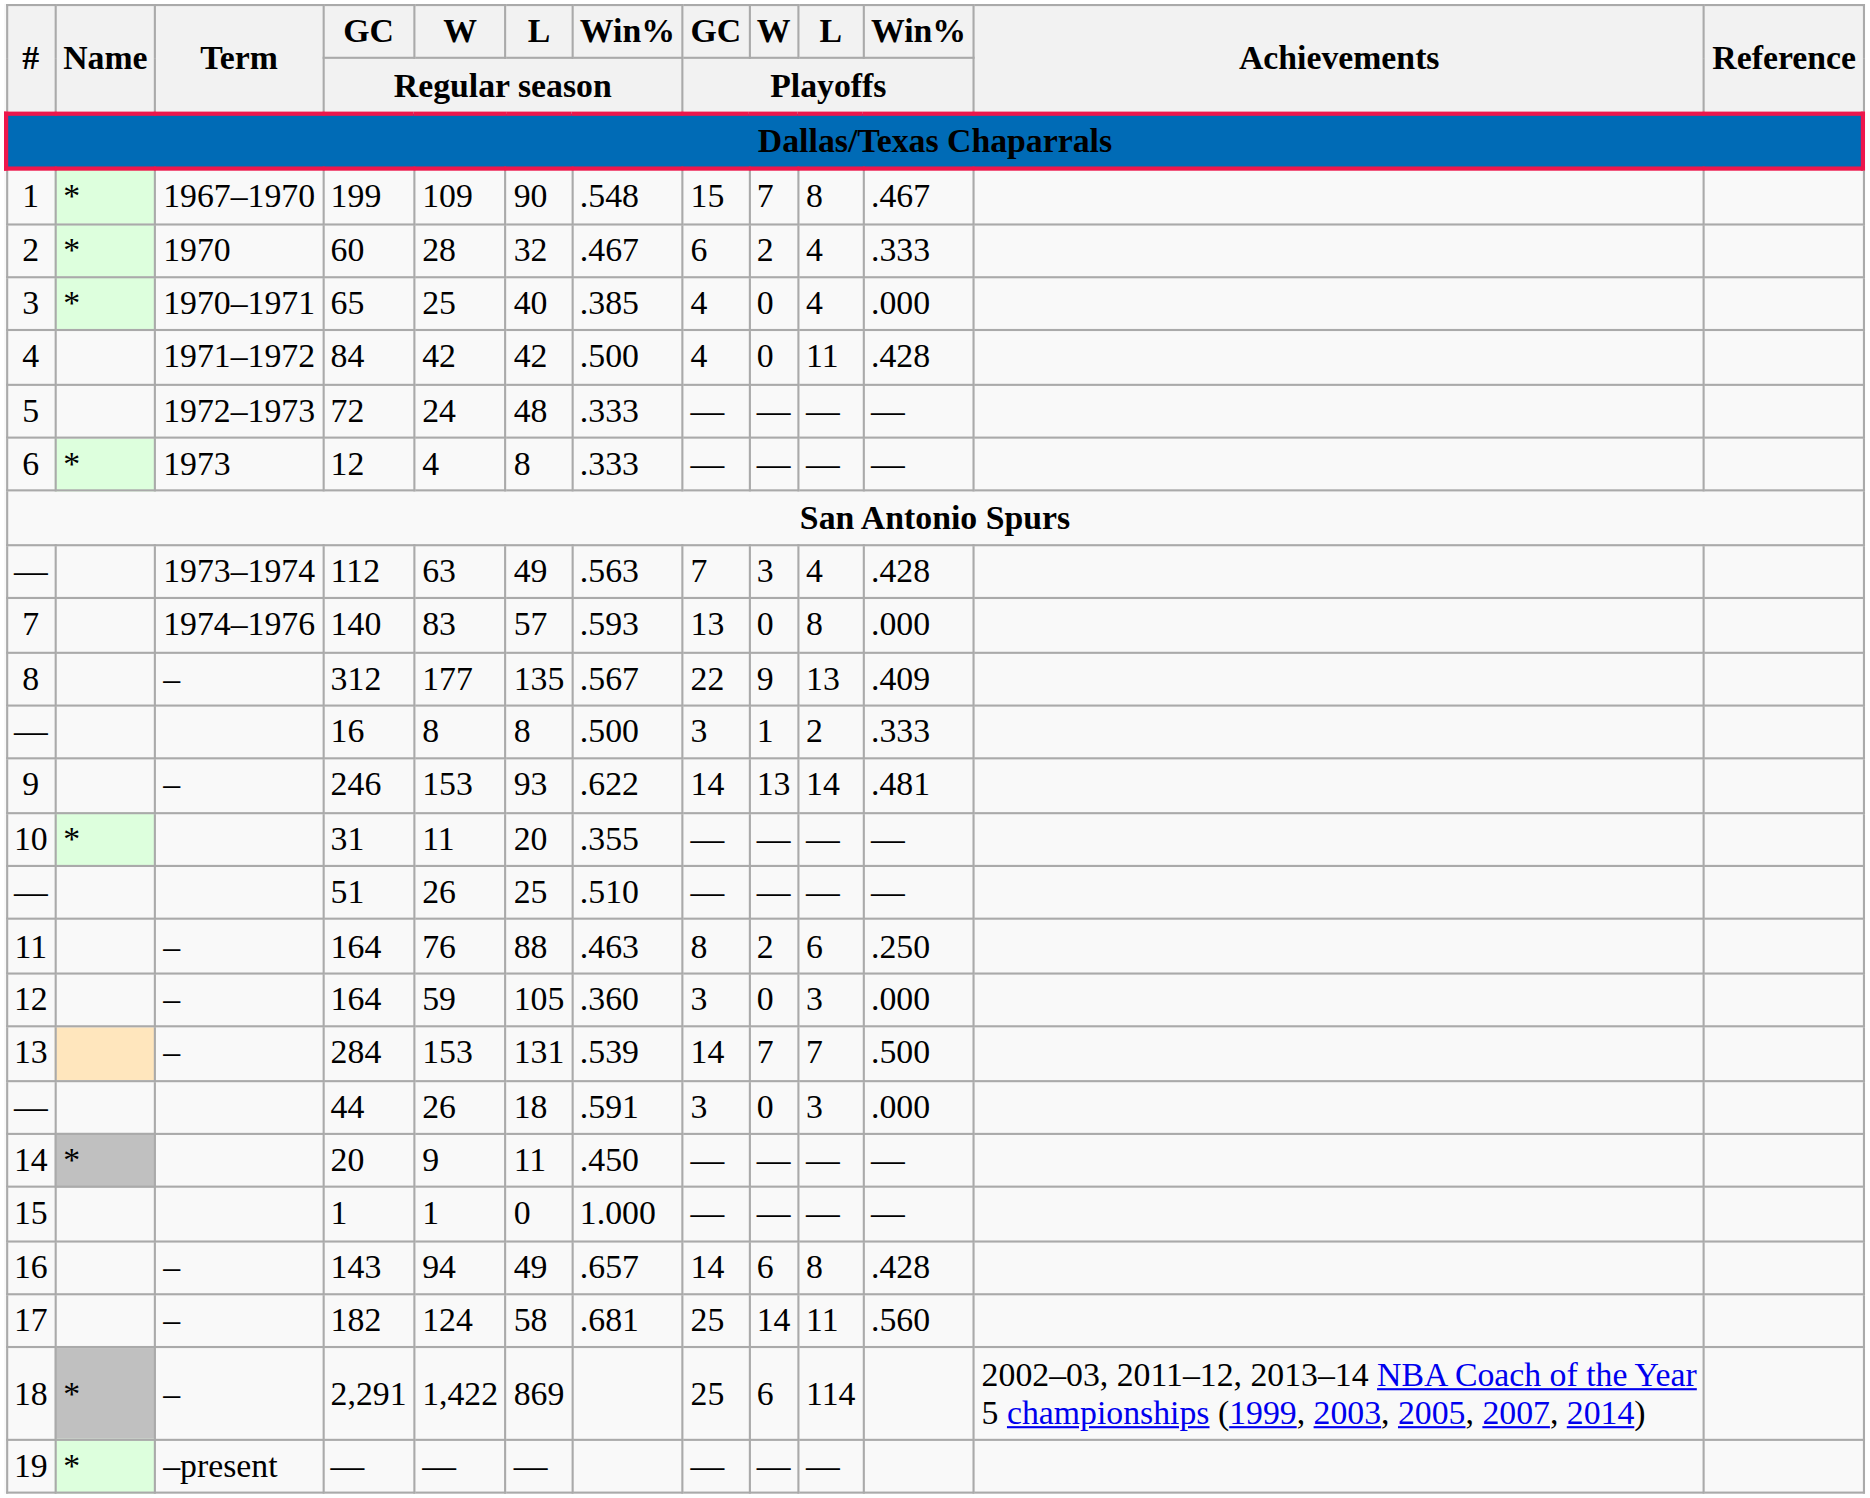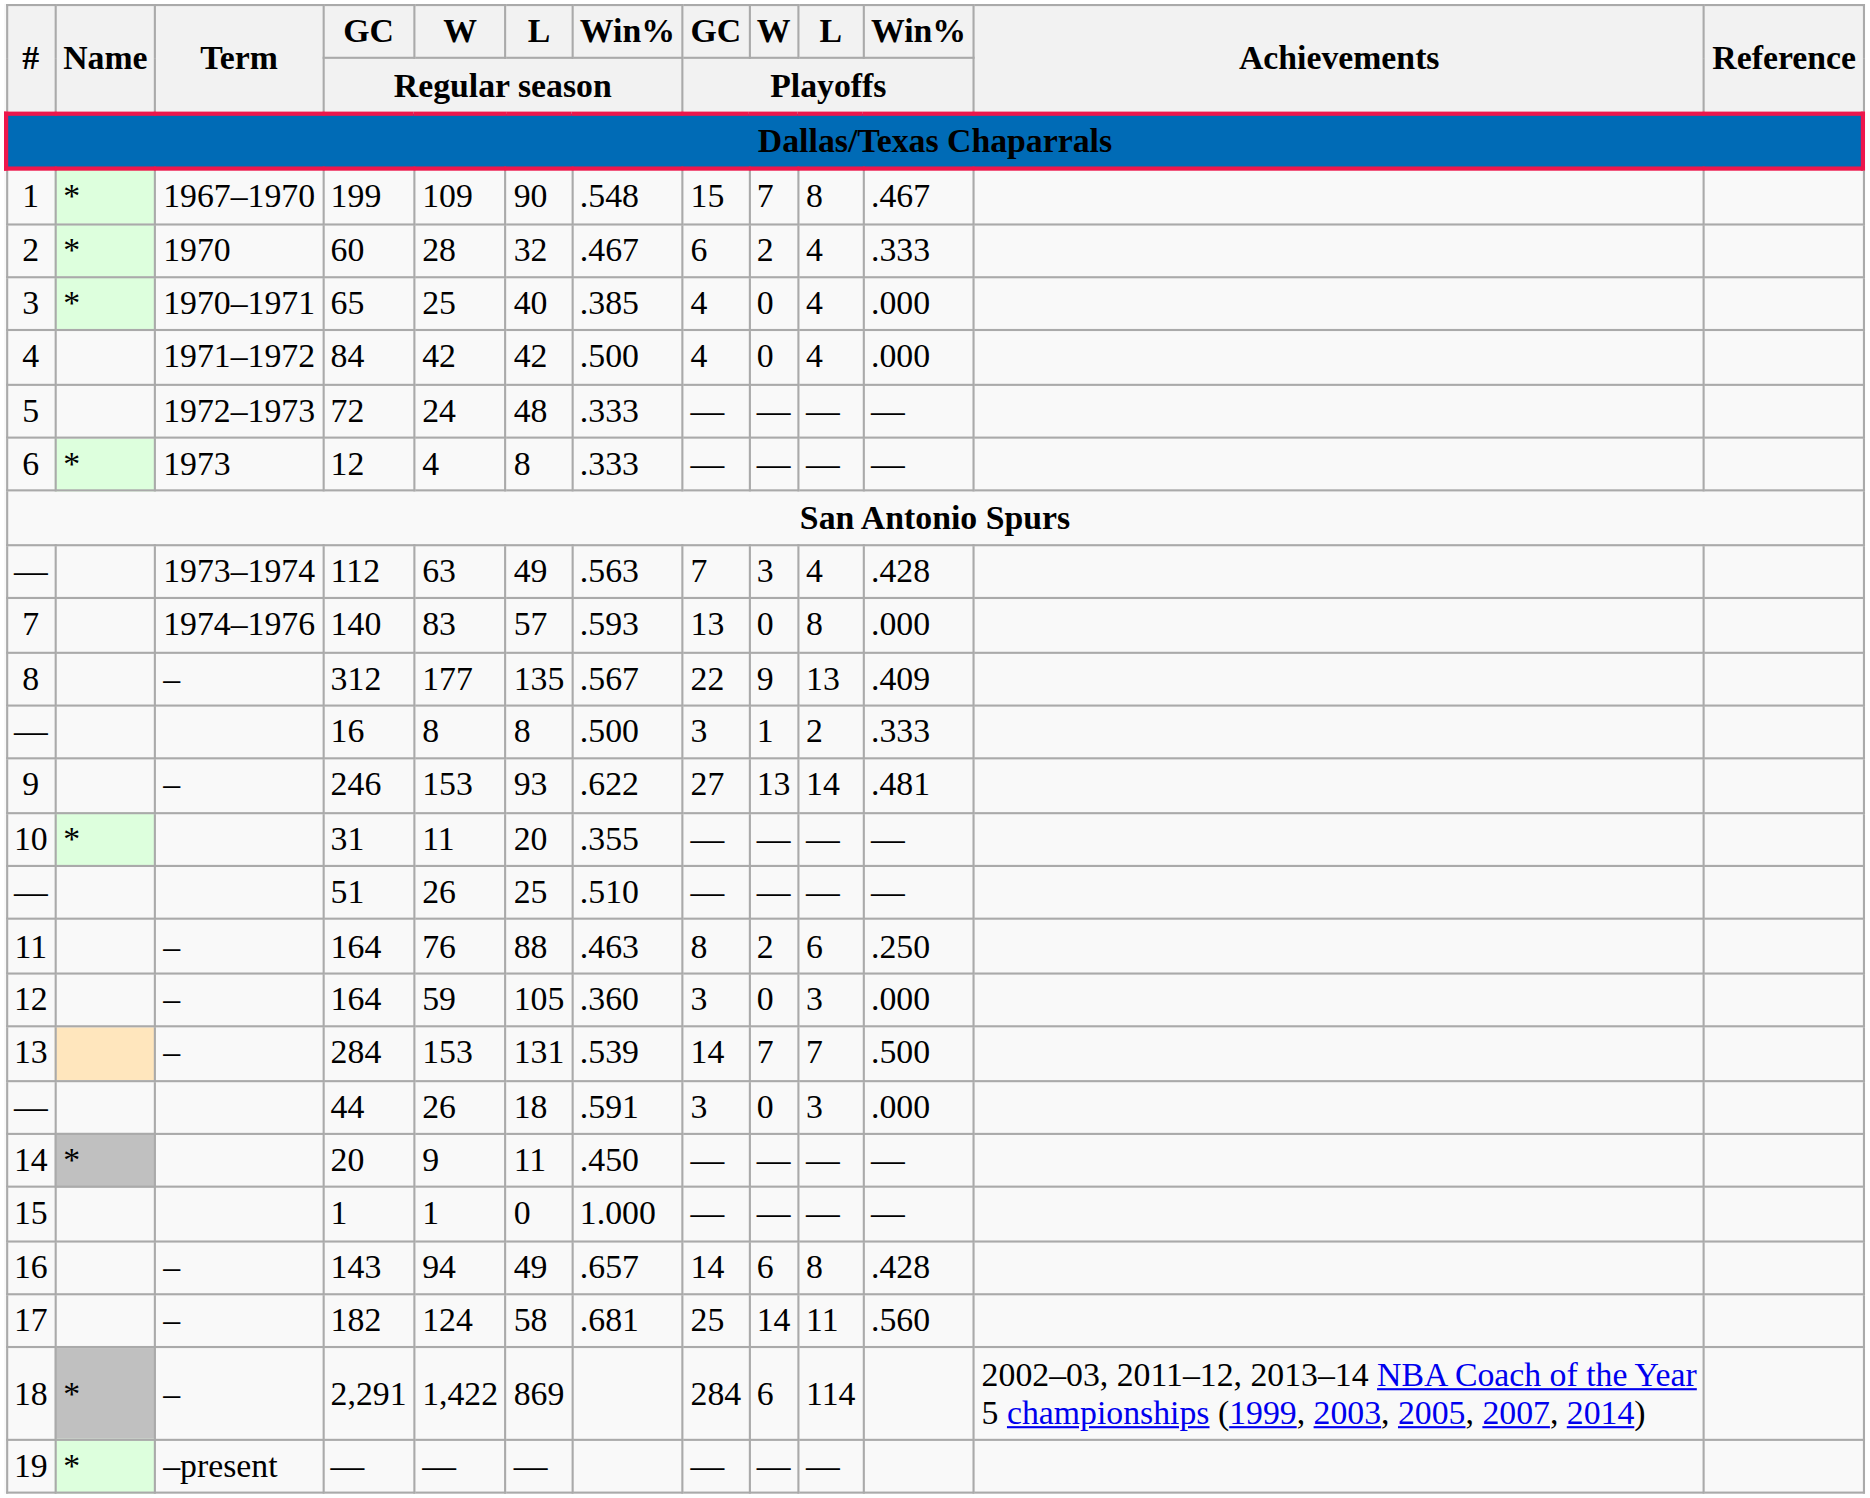 <table class="wikitable sortable">
 <tr>
 <th rowspan="2">#</th>
 <th rowspan="2">Name</th>
 <th rowspan="2">Term</th>
 <th>GC</th>
 <th>W</th>
 <th>L</th>
 <th>Win%</th>
 <th>GC</th>
 <th>W</th>
 <th>L</th>
 <th>Win%</th>
 <th rowspan="2" class=unsortable>Achievements</th>
 <th rowspan="2" class=unsortable>Reference</th>
 </tr>
 <tr class="unsortable">
 <th colspan="4">Regular season</th>
 <th colspan="4">Playoffs</th>
 </tr>
 <tr>
 <td colspan="16" align="center" style="border:2px solid #ED174C; background-color:#006BB6;"><span><strong>Dallas/Texas Chaparrals</strong></span></td>
 </tr>
 <tr>
 <td align=center>1</td>
 <td bgcolor="#ddffdd">*</td>
 <td>1967–1970</td>
 <td>199</td>
 <td>109</td>
 <td>90</td>
 <td>.548</td>
 <td>15</td>
 <td>7</td>
 <td>8</td>
 <td>.467</td>
 <td></td>
 <td align=center></td>
 </tr>
 <tr>
 <td align=center>2</td>
 <td bgcolor="#ddffdd">*</td>
 <td>1970</td>
 <td>60</td>
 <td>28</td>
 <td>32</td>
 <td>.467</td>
 <td>6</td>
 <td>2</td>
 <td>4</td>
 <td>.333</td>
 <td></td>
 <td align=center></td>
 </tr>
 <tr>
 <td align=center>3</td>
 <td bgcolor="#ddffdd">*</td>
 <td>1970–1971</td>
 <td>65</td>
 <td>25</td>
 <td>40</td>
 <td>.385</td>
 <td>4</td>
 <td>0</td>
 <td>4</td>
 <td>.000</td>
 <td></td>
 <td align=center></td>
 </tr>
 <tr>
 <td align=center>4</td>
 <td></td>
 <td>1971–1972</td>
 <td>84</td>
 <td>42</td>
 <td>42</td>
 <td>.500</td>
 <td>4</td>
 <td>0</td>
-<td>11</td>
-<td>.428</td>
+<td>4</td>
+<td>.000</td>
 <td></td>
 <td align=center></td>
 </tr>
 <tr>
 <td align=center>5</td>
 <td></td>
 <td>1972–1973</td>
 <td>72</td>
 <td>24</td>
 <td>48</td>
 <td>.333</td>
 <td>—</td>
 <td>—</td>
 <td>—</td>
 <td>—</td>
 <td></td>
 <td align=center></td>
 </tr>
 <tr>
 <td align=center>6</td>
 <td bgcolor="#ddffdd">*</td>
 <td>1973</td>
 <td>12</td>
 <td>4</td>
 <td>8</td>
 <td>.333</td>
 <td>—</td>
 <td>—</td>
 <td>—</td>
 <td>—</td>
 <td></td>
 <td align=center></td>
 </tr>
 <tr>
 <td colspan="16" align="center"><strong>San Antonio Spurs</strong></td>
 </tr>
 <tr>
 <td align=center>—</td>
 <td></td>
 <td>1973–1974</td>
 <td>112</td>
 <td>63</td>
 <td>49</td>
 <td>.563</td>
 <td>7</td>
 <td>3</td>
 <td>4</td>
 <td>.428</td>
 <td></td>
 <td align=center></td>
 </tr>
 <tr>
 <td align=center>7</td>
 <td></td>
 <td>1974–1976</td>
 <td>140</td>
 <td>83</td>
 <td>57</td>
 <td>.593</td>
 <td>13</td>
 <td>0</td>
 <td>8</td>
 <td>.000</td>
 <td></td>
 <td align=center></td>
 </tr>
 <tr>
 <td align=center>8</td>
 <td></td>
 <td>–</td>
 <td>312</td>
 <td>177</td>
 <td>135</td>
 <td>.567</td>
 <td>22</td>
 <td>9</td>
 <td>13</td>
 <td>.409</td>
 <td></td>
 <td align=center></td>
 </tr>
 <tr>
 <td align=center>—</td>
 <td></td>
 <td></td>
 <td>16</td>
 <td>8</td>
 <td>8</td>
 <td>.500</td>
 <td>3</td>
 <td>1</td>
 <td>2</td>
 <td>.333</td>
 <td></td>
 <td align=center></td>
 </tr>
 <tr>
 <td align=center>9</td>
 <td></td>
 <td>–</td>
 <td>246</td>
 <td>153</td>
 <td>93</td>
 <td>.622</td>
-<td>14</td>
+<td>27</td>
 <td>13</td>
 <td>14</td>
 <td>.481</td>
 <td></td>
 <td align=center></td>
 </tr>
 <tr>
 <td align=center>10</td>
 <td bgcolor="#ddffdd">*</td>
 <td></td>
 <td>31</td>
 <td>11</td>
 <td>20</td>
 <td>.355</td>
 <td>—</td>
 <td>—</td>
 <td>—</td>
 <td>—</td>
 <td></td>
 <td align=center></td>
 </tr>
 <tr>
 <td align=center>—</td>
 <td></td>
 <td></td>
 <td>51</td>
 <td>26</td>
 <td>25</td>
 <td>.510</td>
 <td>—</td>
 <td>—</td>
 <td>—</td>
 <td>—</td>
 <td></td>
 <td align=center></td>
 </tr>
 <tr>
 <td align=center>11</td>
 <td></td>
 <td>–</td>
 <td>164</td>
 <td>76</td>
 <td>88</td>
 <td>.463</td>
 <td>8</td>
 <td>2</td>
 <td>6</td>
 <td>.250</td>
 <td></td>
 <td align=center></td>
 </tr>
 <tr>
 <td align=center>12</td>
 <td></td>
 <td>–</td>
 <td>164</td>
 <td>59</td>
 <td>105</td>
 <td>.360</td>
 <td>3</td>
 <td>0</td>
 <td>3</td>
 <td>.000</td>
 <td></td>
 <td align=center></td>
 </tr>
 <tr>
 <td align=center>13</td>
 <td bgcolor="#FFE6BD"></td>
 <td>–</td>
 <td>284</td>
 <td>153</td>
 <td>131</td>
 <td>.539</td>
 <td>14</td>
 <td>7</td>
 <td>7</td>
 <td>.500</td>
 <td></td>
 <td align=center></td>
 </tr>
 <tr>
 <td align=center>—</td>
 <td></td>
 <td></td>
 <td>44</td>
 <td>26</td>
 <td>18</td>
 <td>.591</td>
 <td>3</td>
 <td>0</td>
 <td>3</td>
 <td>.000</td>
 <td></td>
 <td align=center></td>
 </tr>
 <tr>
 <td align=center>14</td>
 <td bgcolor="silver">*</td>
 <td></td>
 <td>20</td>
 <td>9</td>
 <td>11</td>
 <td>.450</td>
 <td>—</td>
 <td>—</td>
 <td>—</td>
 <td>—</td>
 <td></td>
 <td align=center></td>
 </tr>
 <tr>
 <td align=center>15</td>
 <td></td>
 <td></td>
 <td>1</td>
 <td>1</td>
 <td>0</td>
 <td>1.000</td>
 <td>—</td>
 <td>—</td>
 <td>—</td>
 <td>—</td>
 <td></td>
 <td align=center></td>
 </tr>
 <tr>
 <td align=center>16</td>
 <td></td>
 <td>–</td>
 <td>143</td>
 <td>94</td>
 <td>49</td>
 <td>.657</td>
 <td>14</td>
 <td>6</td>
 <td>8</td>
 <td>.428</td>
 <td></td>
 <td align=center></td>
 </tr>
 <tr>
 <td align=center>17</td>
 <td></td>
 <td>–</td>
 <td>182</td>
 <td>124</td>
 <td>58</td>
 <td>.681</td>
 <td>25</td>
 <td>14</td>
 <td>11</td>
 <td>.560</td>
 <td></td>
 <td align=center></td>
 </tr>
 <tr>
 <td align=center>18</td>
 <td bgcolor="silver">*</td>
 <td>–</td>
 <td>2,291</td>
 <td>1,422</td>
 <td>869</td>
 <td></td>
-<td>25</td>
+<td>284</td>
 <td>6</td>
 <td>114</td>
 <td></td>
 <td>2002–03, 2011–12, 2013–14 <a href='#'>NBA Coach of the Year</a><br>5 <a href='#'>championships</a> (<a href='#'>1999</a>, <a href='#'>2003</a>, <a href='#'>2005</a>, <a href='#'>2007</a>, <a href='#'>2014</a>)</td>
 <td align=center></td>
 </tr>
 <tr>
 <td align=center>19</td>
 <td bgcolor="#ddffdd">*</td>
 <td>–present</td>
 <td>—</td>
 <td>—</td>
 <td>—</td>
 <td></td>
 <td>—</td>
 <td>—</td>
 <td>—</td>
 <td></td>
 <td></td>
 <td align=center></td>
 </tr>
 </table>
